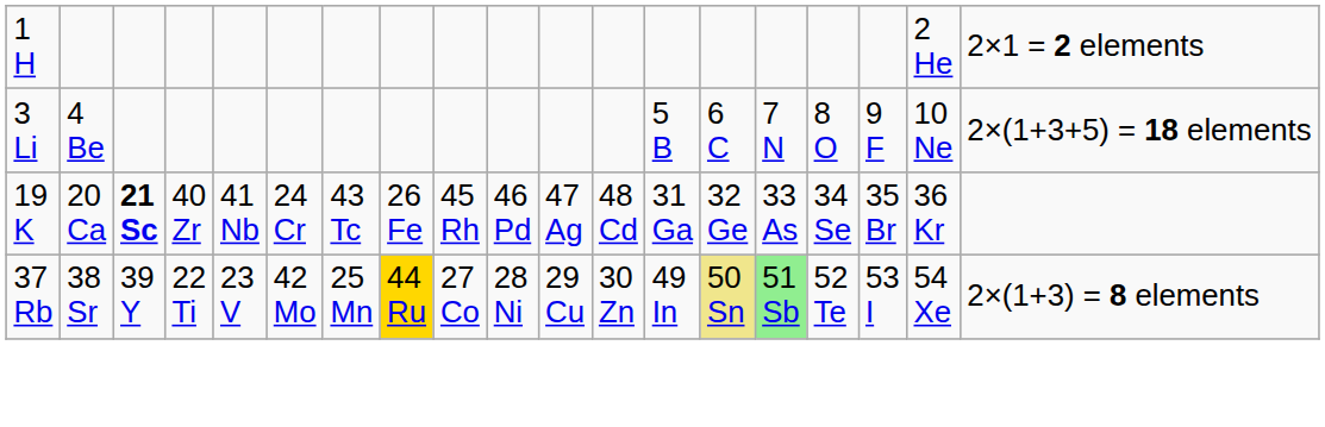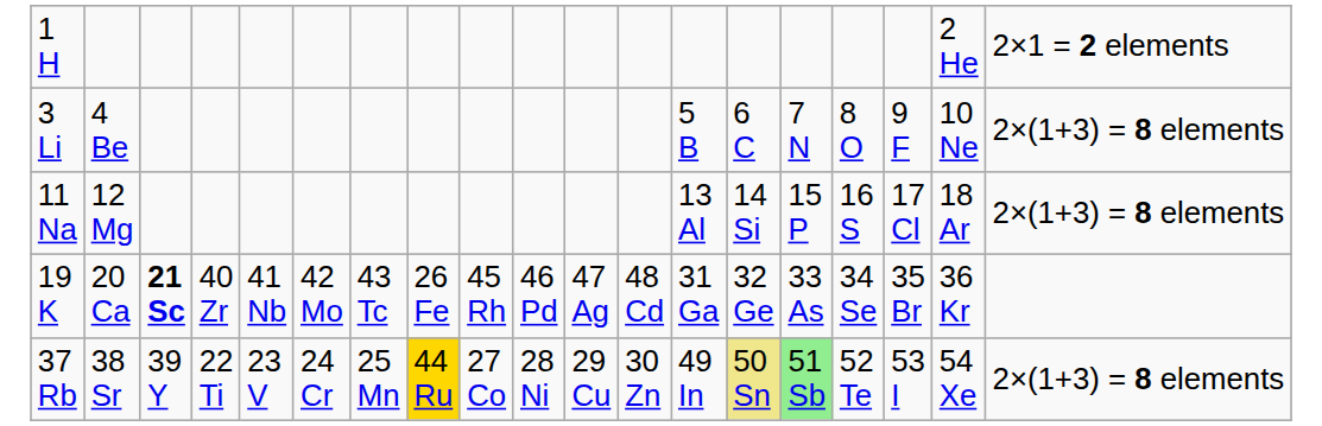 <table class="wikitable" style="margin:auto;">
 <tr>
 <td>1<br><a href='#'>H</a></td>
 <td></td>
 <td></td>
 <td></td>
 <td></td>
 <td></td>
 <td></td>
 <td></td>
 <td></td>
 <td></td>
 <td></td>
 <td></td>
 <td></td>
 <td></td>
 <td></td>
 <td></td>
 <td></td>
 <td>2<br><a href='#'>He</a></td>
 <td>2×1 = <strong>2</strong> elements<br>  </td>
 </tr>
 <tr>
 <td>3<br><a href='#'>Li</a></td>
 <td>4<br><a href='#'>Be</a></td>
 <td></td>
 <td></td>
 <td></td>
 <td></td>
 <td></td>
 <td></td>
 <td></td>
 <td></td>
 <td></td>
 <td></td>
 <td>5<br><a href='#'>B</a></td>
 <td>6<br><a href='#'>C</a></td>
 <td>7<br><a href='#'>N</a></td>
 <td>8<br><a href='#'>O</a></td>
 <td>9<br><a href='#'>F</a></td>
 <td>10<br><a href='#'>Ne</a></td>
-<td>2×(1+3+5) = <strong>18</strong> elements<br>  </td>
+<td>2×(1+3) = <strong>8</strong> elements<br>  </td>
+</tr>
+<tr>
+<td>11<br><a href='#'>Na</a></td>
+<td>12<br><a href='#'>Mg</a></td>
+<td></td>
+<td></td>
+<td></td>
+<td></td>
+<td></td>
+<td></td>
+<td></td>
+<td></td>
+<td></td>
+<td></td>
+<td>13<br><a href='#'>Al</a></td>
+<td>14<br><a href='#'>Si</a></td>
+<td>15<br><a href='#'>P</a></td>
+<td>16<br><a href='#'>S</a></td>
+<td>17<br><a href='#'>Cl</a></td>
+<td>18<br><a href='#'>Ar</a></td>
+<td>2×(1+3) = <strong>8</strong> elements<br>  </td>
 </tr>
 <tr>
 <td>19<br><a href='#'>K</a></td>
 <td>20<br><a href='#'>Ca</a></td>
 <td><strong>21<br><a href='#'>Sc</a></strong></td>
 <td>40<br><a href='#'>Zr</a></td>
 <td>41<br><a href='#'>Nb</a></td>
-<td>24<br><a href='#'>Cr</a></td>
+<td>42<br><a href='#'>Mo</a></td>
 <td>43<br><a href='#'>Tc</a></td>
 <td>26<br><a href='#'>Fe</a></td>
 <td>45<br><a href='#'>Rh</a></td>
 <td>46<br><a href='#'>Pd</a></td>
 <td>47<br><a href='#'>Ag</a></td>
 <td>48<br><a href='#'>Cd</a></td>
 <td>31<br><a href='#'>Ga</a></td>
 <td>32<br><a href='#'>Ge</a></td>
 <td>33<br><a href='#'>As</a></td>
 <td>34<br><a href='#'>Se</a></td>
 <td>35<br><a href='#'>Br</a></td>
 <td>36<br><a href='#'>Kr</a></td>
 <td><br>  </td>
 </tr>
 <tr>
 <td>37<br><a href='#'>Rb</a></td>
 <td>38<br><a href='#'>Sr</a></td>
 <td>39<br><a href='#'>Y</a></td>
 <td>22<br><a href='#'>Ti</a></td>
 <td>23<br><a href='#'>V</a></td>
-<td>42<br><a href='#'>Mo</a></td>
+<td>24<br><a href='#'>Cr</a></td>
 <td>25<br><a href='#'>Mn</a></td>
 <td style="background: gold;">44<br><a href='#'>Ru</a></td>
 <td>27<br><a href='#'>Co</a></td>
 <td>28<br><a href='#'>Ni</a></td>
 <td>29<br><a href='#'>Cu</a></td>
 <td>30<br><a href='#'>Zn</a></td>
 <td>49<br><a href='#'>In</a></td>
 <td style="background: khaki;">50<br><a href='#'>Sn</a></td>
 <td style="background: lightgreen;">51<br><a href='#'>Sb</a></td>
 <td>52<br><a href='#'>Te</a></td>
 <td>53<br><a href='#'>I</a></td>
 <td>54<br><a href='#'>Xe</a></td>
 <td>2×(1+3) = <strong>8</strong> elements<br>  </td>
 </tr>
 </table>
